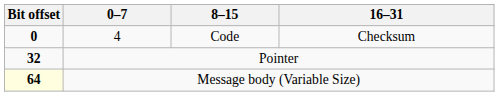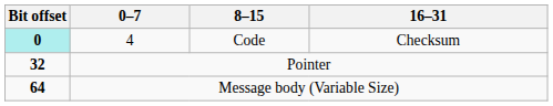 <table class="wikitable" style="text-align:center">
 <tr>
 <th>Bit offset</th>
 <th colspan="8" width="22%">0–7</th>
 <th colspan="8" width="22%">8–15</th>
 <th colspan="16" width="44%">16–31</th>
 </tr>
 <tr>
-<td><strong>0</strong></td>
+<td style="background: paleturquoise;"><strong>0</strong></td>
 <td colspan="8">4</td>
 <td colspan="8">Code</td>
 <td colspan="16">Checksum</td>
 </tr>
 <tr>
 <td><strong>32</strong></td>
 <td colspan="32">Pointer</td>
 </tr>
 <tr>
-<td style="background: lightyellow;"><strong>64</strong></td>
+<td><strong>64</strong></td>
 <td colspan="32">Message body (Variable Size)</td>
 </tr>
 </table>
